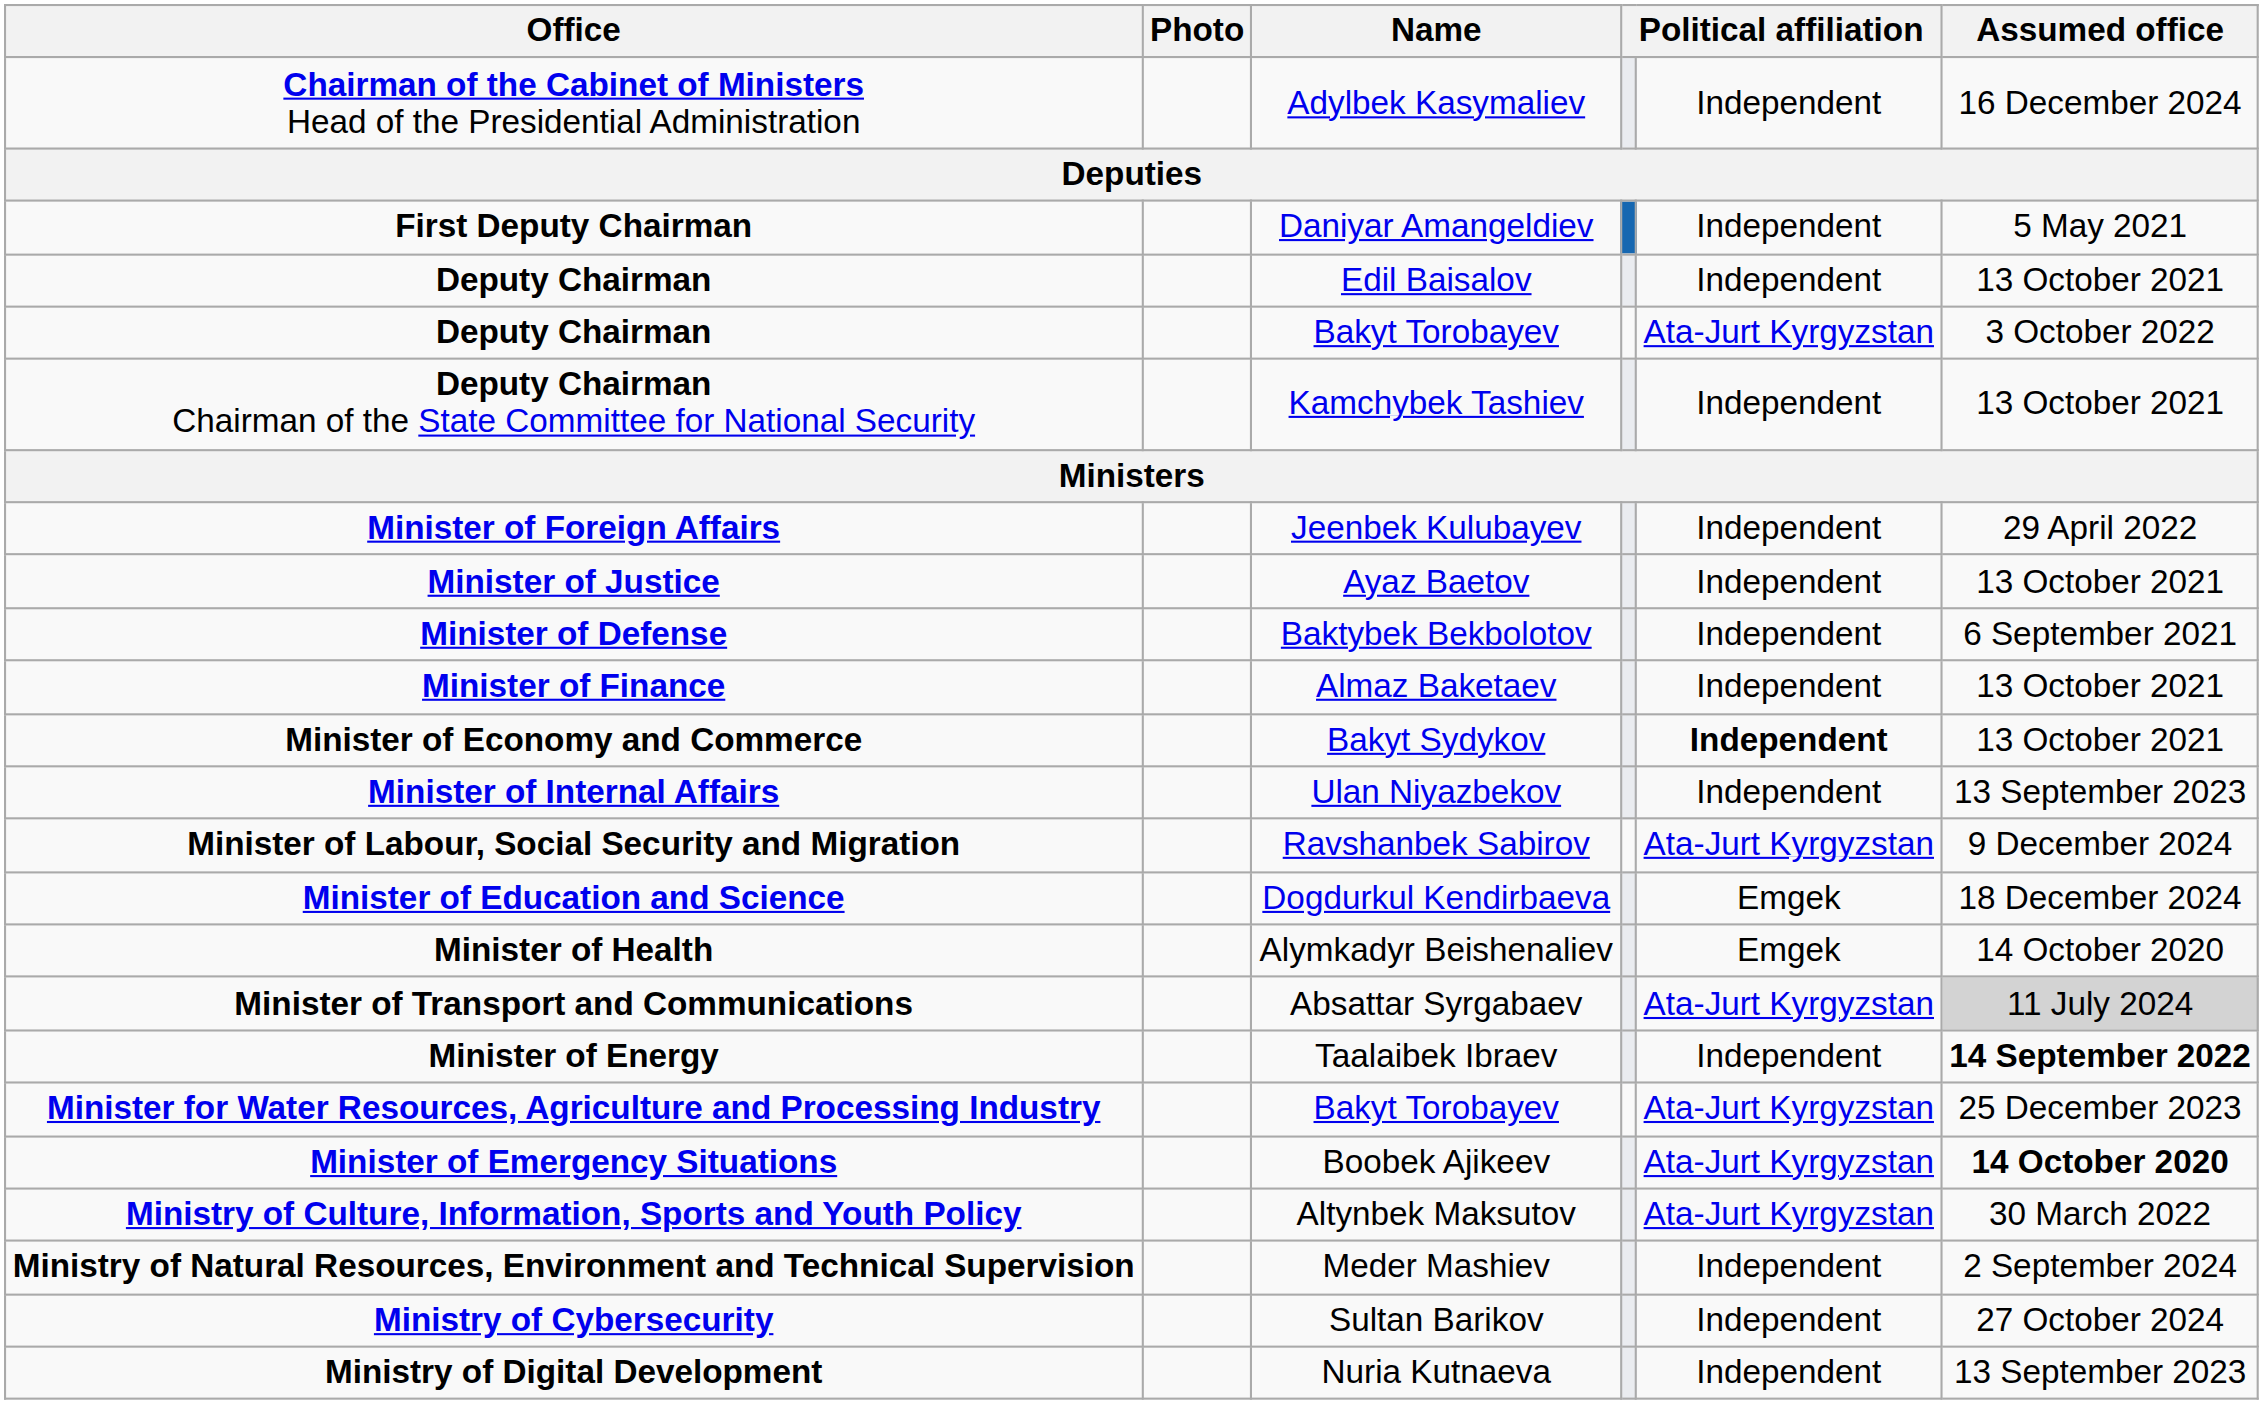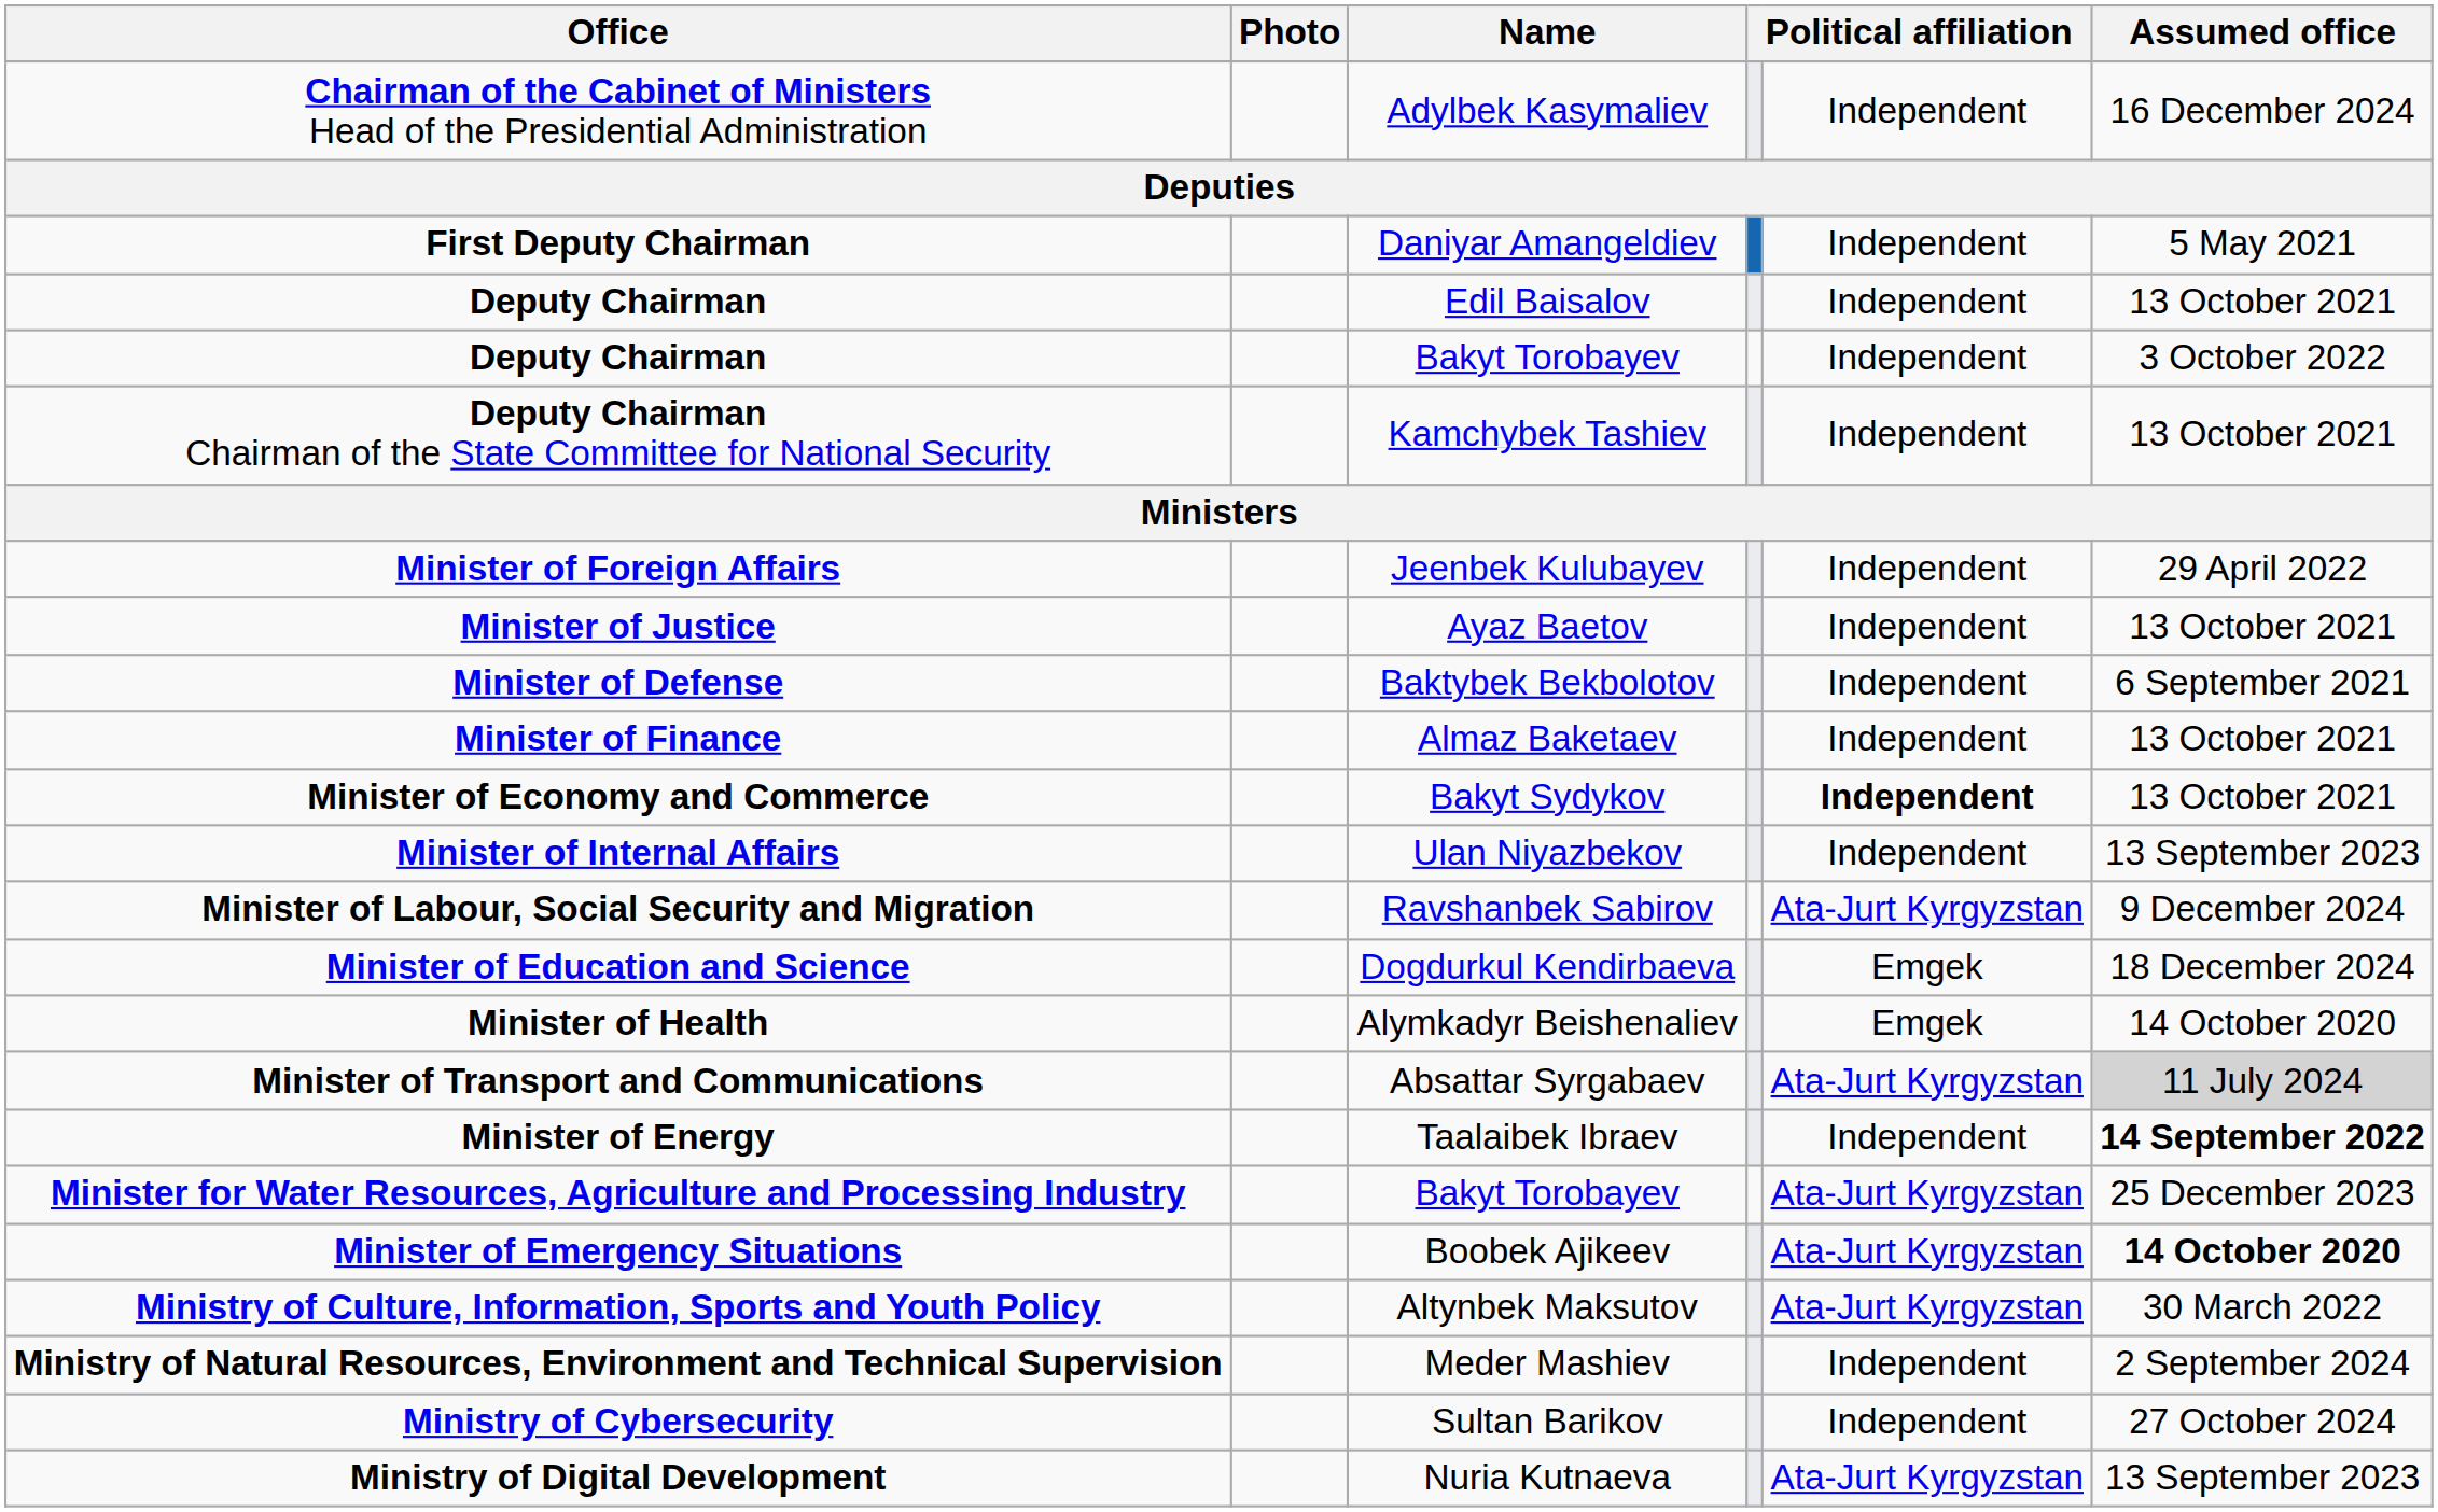 <table class="wikitable" style="text-align:center">
 <tr>
 <th>Office</th>
 <th>Photo</th>
 <th>Name</th>
 <th colspan="2">Political affiliation</th>
 <th>Assumed office</th>
 </tr>
 <tr>
 <td><a href='#'><strong>Chairman of the Cabinet of Ministers</strong></a><br>Head of the Presidential Administration</td>
 <td></td>
 <td><a href='#'>Adylbek Kasymaliev</a></td>
 <td style="background:#eaecf0"></td>
 <td>Independent</td>
 <td>16 December 2024</td>
 </tr>
 <tr>
 <th colspan="6">Deputies</th>
 </tr>
 <tr>
 <td><strong>First Deputy Chairman</strong></td>
 <td></td>
 <td><a href='#'>Daniyar Amangeldiev</a></td>
 <td style="background:#1667B1"></td>
 <td>Independent</td>
 <td>5 May 2021</td>
 </tr>
 <tr>
 <td><strong>Deputy Chairman</strong></td>
 <td></td>
 <td><a href='#'>Edil Baisalov</a></td>
 <td style="background:#eaecf0"></td>
 <td>Independent</td>
 <td>13 October 2021</td>
 </tr>
 <tr>
 <td><strong>Deputy Chairman</strong></td>
 <td></td>
 <td><a href='#'>Bakyt Torobayev</a></td>
 <td style="background:"></td>
-<td><a href='#'>Ata-Jurt Kyrgyzstan</a></td>
+<td>Independent</td>
 <td>3 October 2022</td>
 </tr>
 <tr>
 <td><strong>Deputy Chairman</strong><br>Chairman of the <a href='#'>State Committee for National Security</a></td>
 <td></td>
 <td><a href='#'>Kamchybek Tashiev</a></td>
 <td style="background:#eaecf0"></td>
 <td>Independent</td>
 <td>13 October 2021</td>
 </tr>
 <tr>
 <th colspan="6">Ministers</th>
 </tr>
 <tr>
 <td><a href='#'><strong>Minister of Foreign Affairs</strong></a></td>
 <td></td>
 <td><a href='#'>Jeenbek Kulubayev</a></td>
 <td style="background:#eaecf0"></td>
 <td>Independent</td>
 <td>29 April 2022</td>
 </tr>
 <tr>
 <td><a href='#'><strong>Minister of Justice</strong></a></td>
 <td></td>
 <td><a href='#'>Ayaz Baetov</a></td>
 <td style="background:#eaecf0"></td>
 <td>Independent</td>
 <td>13 October 2021</td>
 </tr>
 <tr>
 <td><a href='#'><strong>Minister of Defense</strong></a></td>
 <td></td>
 <td><a href='#'>Baktybek Bekbolotov</a></td>
 <td style="background:#eaecf0"></td>
 <td>Independent</td>
 <td>6 September 2021</td>
 </tr>
 <tr>
 <td><a href='#'><strong>Minister of Finance</strong></a></td>
 <td></td>
 <td><a href='#'>Almaz Baketaev</a></td>
 <td style="background:#eaecf0"></td>
 <td>Independent</td>
 <td>13 October 2021</td>
 </tr>
 <tr>
 <td><strong>Minister of Economy and Commerce</strong></td>
 <td></td>
 <td><a href='#'>Bakyt Sydykov</a></td>
 <td style="background:#eaecf0"></td>
 <td><strong>Independent</strong></td>
 <td>13 October 2021</td>
 </tr>
 <tr>
 <td><strong><a href='#'>Minister of Internal Affairs</a></strong></td>
 <td></td>
 <td><a href='#'>Ulan Niyazbekov</a></td>
 <td style="background:#eaecf0"></td>
 <td>Independent</td>
 <td>13 September 2023</td>
 </tr>
 <tr>
 <td><strong>Minister of Labour, Social Security and Migration</strong></td>
 <td></td>
 <td><a href='#'>Ravshanbek Sabirov</a></td>
 <td style="background:"></td>
 <td><a href='#'>Ata-Jurt Kyrgyzstan</a></td>
 <td>9 December 2024</td>
 </tr>
 <tr>
 <td><a href='#'><strong>Minister of Education and Science</strong></a></td>
 <td></td>
 <td><a href='#'>Dogdurkul Kendirbaeva</a></td>
 <td style="background:#eaecf0"></td>
 <td>Emgek</td>
 <td>18 December 2024</td>
 </tr>
 <tr>
 <td><strong>Minister of Health</strong></td>
 <td></td>
 <td>Alymkadyr Beishenaliev</td>
 <td style="background:#eaecf0"></td>
 <td>Emgek</td>
 <td>14 October 2020</td>
 </tr>
 <tr>
 <td><strong>Minister of Transport and Communications</strong></td>
 <td></td>
 <td>Absattar Syrgabaev</td>
 <td style="background:#eaecf0"></td>
 <td><a href='#'>Ata-Jurt Kyrgyzstan</a></td>
 <td style="background: lightgrey;">11 July 2024</td>
 </tr>
 <tr>
 <td><strong>Minister of Energy</strong></td>
 <td></td>
 <td>Taalaibek Ibraev</td>
 <td style="background:#eaecf0"></td>
 <td>Independent</td>
 <td><strong>14 September 2022</strong></td>
 </tr>
 <tr>
 <td><strong><a href='#'>Minister for Water Resources, Agriculture and Processing Industry</a></strong></td>
 <td></td>
 <td><a href='#'>Bakyt Torobayev</a></td>
 <td style="background:"></td>
 <td><a href='#'>Ata-Jurt Kyrgyzstan</a></td>
 <td>25 December 2023</td>
 </tr>
 <tr>
 <td><a href='#'><strong>Minister of Emergency Situations</strong></a></td>
 <td></td>
 <td>Boobek Ajikeev</td>
 <td style="background:#eaecf0"></td>
 <td><a href='#'>Ata-Jurt Kyrgyzstan</a></td>
 <td><strong>14 October 2020</strong></td>
 </tr>
 <tr>
 <td><strong><a href='#'>Ministry of Culture, Information, Sports and Youth Policy</a></strong></td>
 <td></td>
 <td>Altynbek Maksutov</td>
 <td style="background:#eaecf0"></td>
 <td><a href='#'>Ata-Jurt Kyrgyzstan</a></td>
 <td>30 March 2022</td>
 </tr>
 <tr>
 <td><strong>Ministry of Natural Resources, Environment and Technical Supervision</strong></td>
 <td></td>
 <td>Meder Mashiev</td>
 <td style="background:#eaecf0"></td>
 <td>Independent</td>
 <td>2 September 2024</td>
 </tr>
 <tr>
 <td><strong><a href='#'>Ministry of Cybersecurity</a></strong></td>
 <td></td>
 <td>Sultan Barikov</td>
 <td style="background:#eaecf0"></td>
 <td>Independent</td>
 <td>27 October 2024</td>
 </tr>
 <tr>
 <td><strong>Ministry of Digital Development</strong></td>
 <td></td>
 <td>Nuria Kutnaeva</td>
 <td style="background:#eaecf0"></td>
-<td>Independent</td>
+<td><a href='#'>Ata-Jurt Kyrgyzstan</a></td>
 <td>13 September 2023</td>
 </tr>
 </table>
